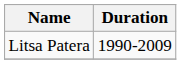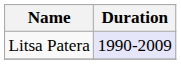 <table class="wikitable">
 <tr>
 <th>Name</th>
 <th>Duration</th>
 </tr>
 <tr>
 <td>Litsa Patera</td>
-<td>1990-2009</td>
+<td style="background: lavender;">1990-2009</td>
 </tr>
 <tr>
 </tr>
 </table>
